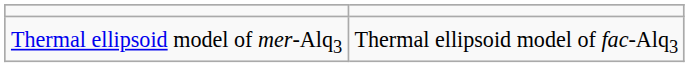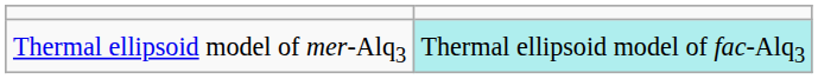 <table class="wikitable" style="text-align:center;">
 <tr>
 <td></td>
 <td></td>
 </tr>
 <tr>
 <td><small><a href='#'>Thermal ellipsoid</a> model of <em>mer</em>-Alq<sub>3</sub></small></td>
-<td><small>Thermal ellipsoid model of <em>fac</em>-Alq<sub>3</sub></small></td>
+<td style="background: paleturquoise;"><small>Thermal ellipsoid model of <em>fac</em>-Alq<sub>3</sub></small></td>
 </tr>
 </table>
